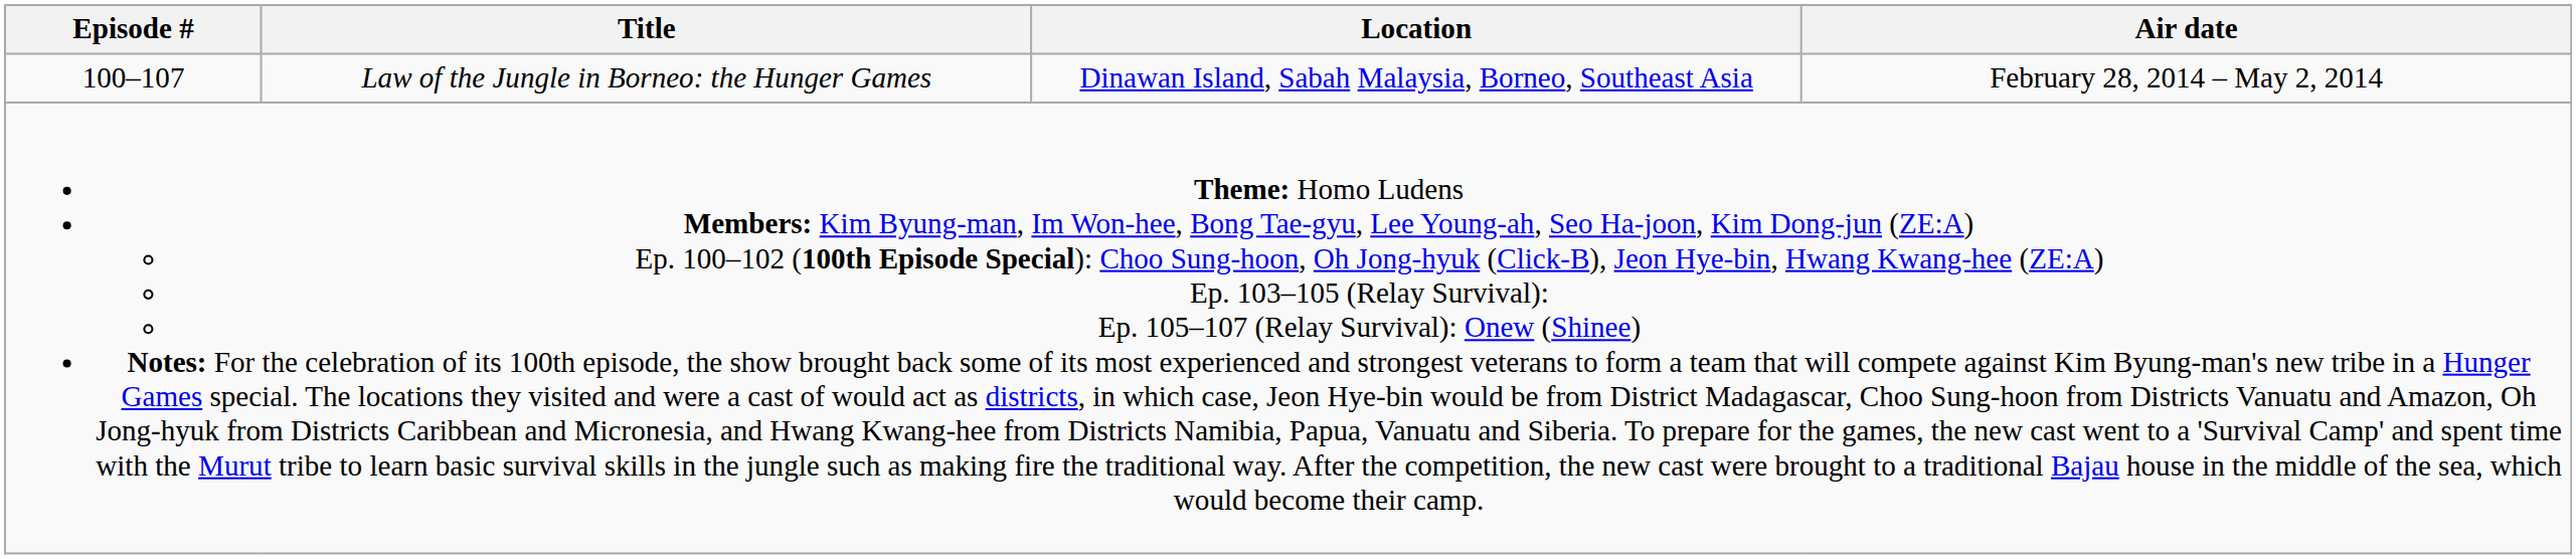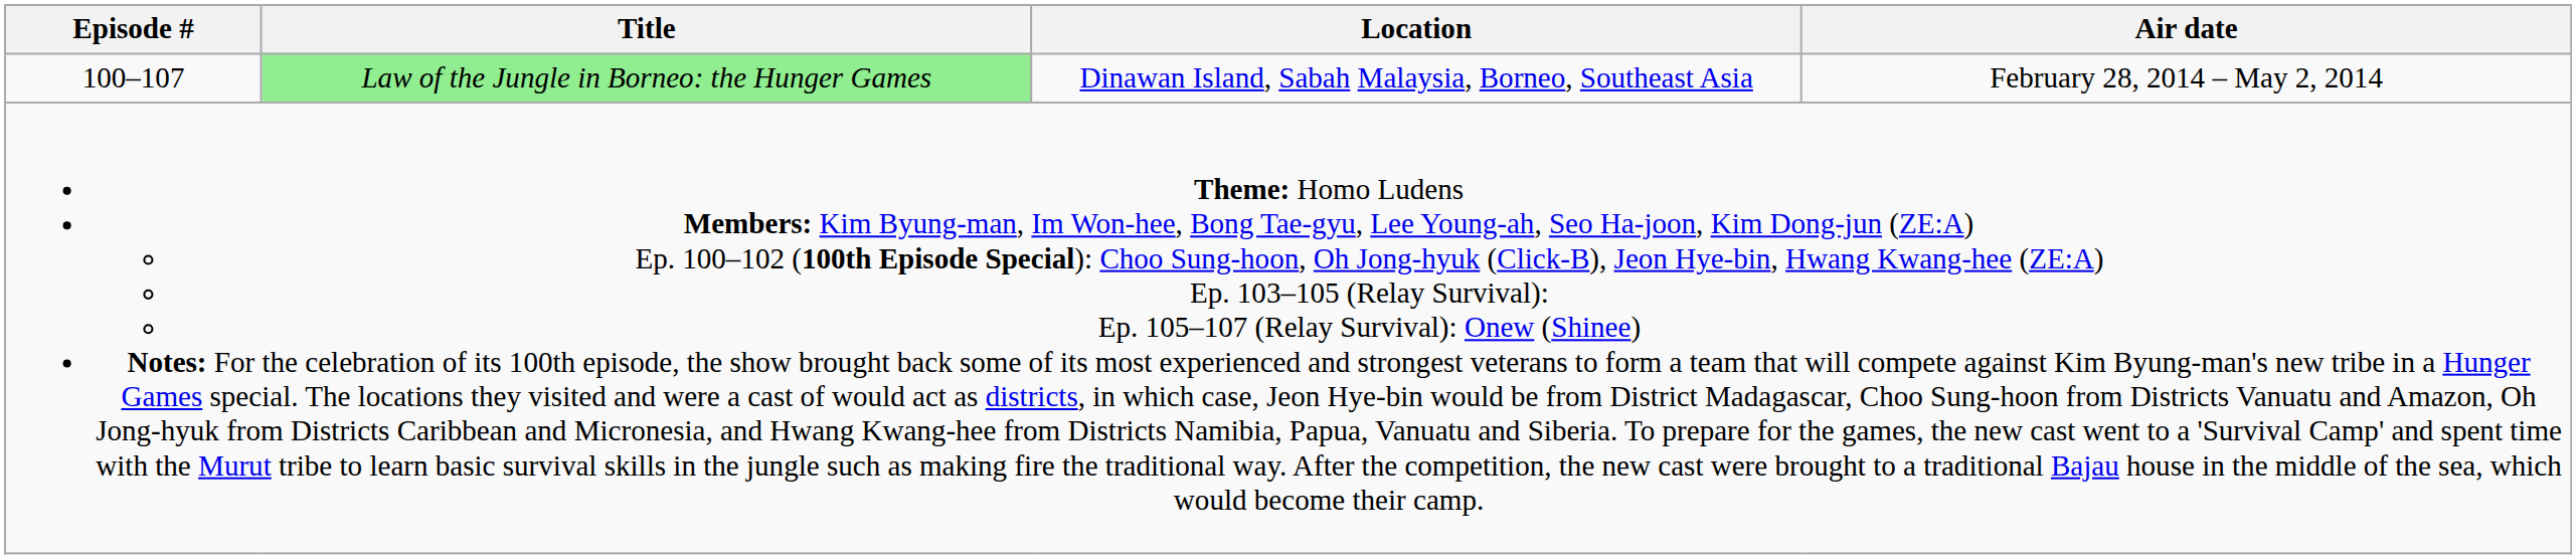 <table class="wikitable" style="text-align:center; font-size:90%; width:100%;">
 <tr>
 <th width="10%">Episode #</th>
 <th width="30%">Title</th>
 <th width="30%">Location</th>
 <th width="30%">Air date</th>
 </tr>
 <tr>
 <td>100–107</td>
-<td><em>Law of the Jungle in Borneo: the Hunger Games</em></td>
+<td style="background: lightgreen;"><em>Law of the Jungle in Borneo: the Hunger Games</em></td>
 <td><a href='#'>Dinawan Island</a>, <a href='#'>Sabah</a> <a href='#'>Malaysia</a>, <a href='#'>Borneo</a>, <a href='#'>Southeast Asia</a></td>
 <td>February 28, 2014 – May 2, 2014</td>
 </tr>
 <tr>
 <td colspan="4"><br><ul><li><strong>Theme:</strong> Homo Ludens</li><li><strong>Members:</strong> <a href='#'>Kim Byung-man</a>, <a href='#'>Im Won-hee</a>, <a href='#'>Bong Tae-gyu</a>, <a href='#'>Lee Young-ah</a>, <a href='#'>Seo Ha-joon</a>, <a href='#'>Kim Dong-jun</a> (<a href='#'>ZE:A</a>)<ul><li>Ep. 100–102 (<strong>100th Episode Special</strong>): <a href='#'>Choo Sung-hoon</a>, <a href='#'>Oh Jong-hyuk</a> (<a href='#'>Click-B</a>), <a href='#'>Jeon Hye-bin</a>, <a href='#'>Hwang Kwang-hee</a> (<a href='#'>ZE:A</a>)</li><li>Ep. 103–105 (Relay Survival): </li><li>Ep. 105–107 (Relay Survival): <a href='#'>Onew</a> (<a href='#'>Shinee</a>)</li></ul></li><li><strong>Notes:</strong> For the celebration of its 100th episode, the show brought back some of its most experienced and strongest veterans to form a team that will compete against Kim Byung-man's new tribe in a <a href='#'>Hunger Games</a> special. The locations they visited and were a cast of would act as <a href='#'>districts</a>, in which case, Jeon Hye-bin would be from District Madagascar, Choo Sung-hoon from Districts Vanuatu and Amazon, Oh Jong-hyuk from Districts Caribbean and Micronesia, and Hwang Kwang-hee from Districts Namibia, Papua, Vanuatu and Siberia. To prepare for the games, the new cast went to a 'Survival Camp' and spent time with the <a href='#'>Murut</a> tribe to learn basic survival skills in the jungle such as making fire the traditional way. After the competition, the new cast were brought to a traditional <a href='#'>Bajau</a> house in the middle of the sea, which would become their camp.</li></ul></td>
 </tr>
 </table>
